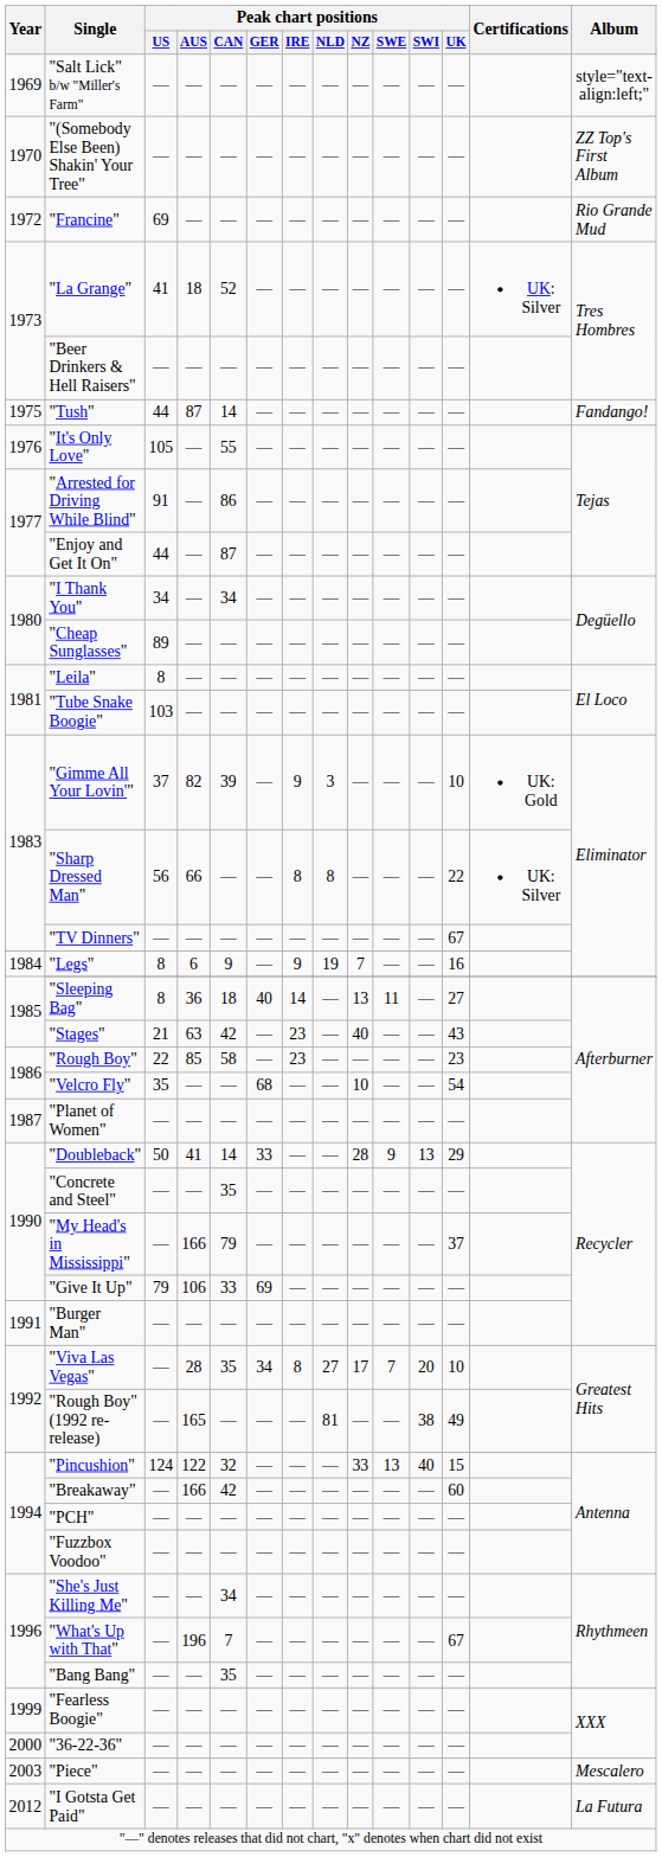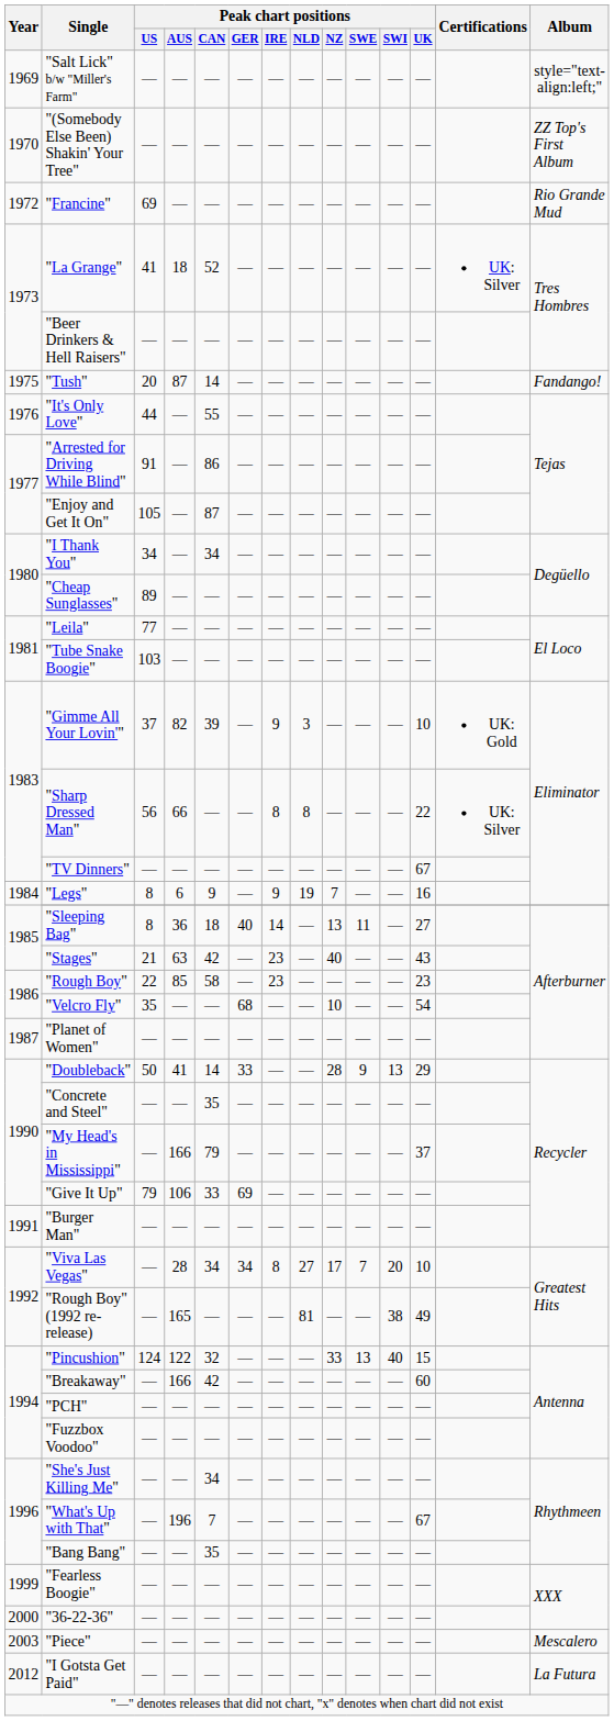 <table class="wikitable" style="text-align:center;">
 <tr>
 <th rowspan="2">Year</th>
 <th rowspan="2">Single</th>
 <th colspan="10">Peak chart positions</th>
 <th rowspan="2">Certifications</th>
 <th rowspan="2">Album</th>
 </tr>
 <tr style="font-size:smaller;">
 <th style="width:30px;"><a href='#'>US</a><br></th>
 <th style="width:30px;"><a href='#'>AUS</a><br></th>
 <th><a href='#'>CAN</a></th>
 <th style="width:30px;"><a href='#'>GER</a><br></th>
 <th style="width:30px;"><a href='#'>IRE</a><br></th>
 <th style="width:30px;"><a href='#'>NLD</a><br></th>
 <th style="width:30px;"><a href='#'>NZ</a><br></th>
 <th style="width:30px;"><a href='#'>SWE</a><br></th>
 <th style="width:30px;"><a href='#'>SWI</a><br></th>
 <th style="width:30px;"><a href='#'>UK</a><br></th>
 </tr>
 <tr>
 <td>1969</td>
 <td style="text-align:left;">"Salt Lick"<br><small>b/w "Miller's Farm"</small></td>
 <td>—</td>
 <td>—</td>
 <td>—</td>
 <td>—</td>
 <td>—</td>
 <td>—</td>
 <td>—</td>
 <td>—</td>
 <td>—</td>
 <td>—</td>
 <td></td>
 <td>style="text-align:left;" </td>
 </tr>
 <tr>
 <td>1970</td>
 <td style="text-align:left;">"(Somebody Else Been) Shakin' Your Tree"</td>
 <td>—</td>
 <td>—</td>
 <td>—</td>
 <td>—</td>
 <td>—</td>
 <td>—</td>
 <td>—</td>
 <td>—</td>
 <td>—</td>
 <td>—</td>
 <td></td>
 <td style="text-align:left;"><em>ZZ Top's First Album</em></td>
 </tr>
 <tr>
 <td>1972</td>
 <td style="text-align:left;">"<a href='#'>Francine</a>"</td>
 <td>69</td>
 <td>—</td>
 <td>—</td>
 <td>—</td>
 <td>—</td>
 <td>—</td>
 <td>—</td>
 <td>—</td>
 <td>—</td>
 <td>—</td>
 <td></td>
 <td style="text-align:left;"><em>Rio Grande Mud</em></td>
 </tr>
 <tr>
 <td rowspan="2">1973</td>
 <td style="text-align:left;">"<a href='#'>La Grange</a>"</td>
 <td>41</td>
 <td>18</td>
 <td>52</td>
 <td>—</td>
 <td>—</td>
 <td>—</td>
 <td>—</td>
 <td>—</td>
 <td>—</td>
 <td>—</td>
 <td><br><ul><li><a href='#'>UK</a>: Silver</li></ul></td>
 <td rowspan="2" style="text-align:left;"><em>Tres Hombres</em></td>
 </tr>
 <tr>
 <td style="text-align:left;">"Beer Drinkers & Hell Raisers"</td>
 <td>—</td>
 <td>—</td>
 <td>—</td>
 <td>—</td>
 <td>—</td>
 <td>—</td>
 <td>—</td>
 <td>—</td>
 <td>—</td>
 <td>—</td>
 <td></td>
 </tr>
 <tr>
 <td>1975</td>
 <td style="text-align:left;">"<a href='#'>Tush</a>"</td>
-<td>44</td>
+<td>20</td>
 <td>87</td>
 <td>14</td>
 <td>—</td>
 <td>—</td>
 <td>—</td>
 <td>—</td>
 <td>—</td>
 <td>—</td>
 <td>—</td>
 <td></td>
 <td style="text-align:left;"><em>Fandango!</em></td>
 </tr>
 <tr>
 <td>1976</td>
 <td style="text-align:left;">"<a href='#'>It's Only Love</a>"</td>
-<td>105</td>
+<td>44</td>
 <td>—</td>
 <td>55</td>
 <td>—</td>
 <td>—</td>
 <td>—</td>
 <td>—</td>
 <td>—</td>
 <td>—</td>
 <td>—</td>
 <td></td>
 <td rowspan="3" style="text-align:left;"><em>Tejas</em></td>
 </tr>
 <tr>
 <td rowspan="2">1977</td>
 <td style="text-align:left;">"<a href='#'>Arrested for Driving While Blind</a>"</td>
 <td>91</td>
 <td>—</td>
 <td>86</td>
 <td>—</td>
 <td>—</td>
 <td>—</td>
 <td>—</td>
 <td>—</td>
 <td>—</td>
 <td>—</td>
 <td></td>
 </tr>
 <tr>
 <td style="text-align:left;">"Enjoy and Get It On"</td>
-<td>44</td>
+<td>105</td>
 <td>—</td>
 <td>87</td>
 <td>—</td>
 <td>—</td>
 <td>—</td>
 <td>—</td>
 <td>—</td>
 <td>—</td>
 <td>—</td>
 <td></td>
 </tr>
 <tr>
 <td rowspan="2">1980</td>
 <td style="text-align:left;">"<a href='#'>I Thank You</a>"</td>
 <td>34</td>
 <td>—</td>
 <td>34</td>
 <td>—</td>
 <td>—</td>
 <td>—</td>
 <td>—</td>
 <td>—</td>
 <td>—</td>
 <td>—</td>
 <td></td>
 <td rowspan="2" style="text-align:left;"><em>Degüello</em></td>
 </tr>
 <tr>
 <td style="text-align:left;">"<a href='#'>Cheap Sunglasses</a>"</td>
 <td>89</td>
 <td>—</td>
 <td>—</td>
 <td>—</td>
 <td>—</td>
 <td>—</td>
 <td>—</td>
 <td>—</td>
 <td>—</td>
 <td>—</td>
 <td></td>
 </tr>
 <tr>
 <td rowspan="2">1981</td>
 <td style="text-align:left;">"<a href='#'>Leila</a>"</td>
-<td>8</td>
+<td>77</td>
 <td>—</td>
 <td>—</td>
 <td>—</td>
 <td>—</td>
 <td>—</td>
 <td>—</td>
 <td>—</td>
 <td>—</td>
 <td>—</td>
 <td></td>
 <td rowspan="2" style="text-align:left;"><em>El Loco</em></td>
 </tr>
 <tr>
 <td style="text-align:left;">"<a href='#'>Tube Snake Boogie</a>"</td>
 <td>103</td>
 <td>—</td>
 <td>—</td>
 <td>—</td>
 <td>—</td>
 <td>—</td>
 <td>—</td>
 <td>—</td>
 <td>—</td>
 <td>—</td>
 <td></td>
 </tr>
 <tr>
 <td rowspan="3">1983</td>
 <td style="text-align:left;">"<a href='#'>Gimme All Your Lovin'</a>"</td>
 <td>37</td>
 <td>82</td>
 <td>39</td>
 <td>—</td>
 <td>9</td>
 <td>3</td>
 <td>—</td>
 <td>—</td>
 <td>—</td>
 <td>10</td>
 <td><br><ul><li>UK: Gold</li></ul></td>
 <td rowspan="4" style="text-align:left;"><em>Eliminator</em></td>
 </tr>
 <tr>
 <td style="text-align:left;">"<a href='#'>Sharp Dressed Man</a>"</td>
 <td>56</td>
 <td>66</td>
 <td>—</td>
 <td>—</td>
 <td>8</td>
 <td>8</td>
 <td>—</td>
 <td>—</td>
 <td>—</td>
 <td>22</td>
 <td><br><ul><li>UK: Silver</li></ul></td>
 </tr>
 <tr>
 <td style="text-align:left;">"<a href='#'>TV Dinners</a>"</td>
 <td>—</td>
 <td>—</td>
 <td>—</td>
 <td>—</td>
 <td>—</td>
 <td>—</td>
 <td>—</td>
 <td>—</td>
 <td>—</td>
 <td>67</td>
 <td></td>
 </tr>
 <tr>
 <td>1984</td>
 <td style="text-align:left;">"<a href='#'>Legs</a>"</td>
 <td>8</td>
 <td>6</td>
 <td>9</td>
 <td>—</td>
 <td>9</td>
 <td>19</td>
 <td>7</td>
 <td>—</td>
 <td>—</td>
 <td>16</td>
 <td></td>
 </tr>
 <tr>
 <td rowspan="3">1985</td>
 </tr>
 <tr>
 <td style="text-align:left;">"<a href='#'>Sleeping Bag</a>"</td>
 <td>8</td>
 <td>36</td>
 <td>18</td>
 <td>40</td>
 <td>14</td>
 <td>—</td>
 <td>13</td>
 <td>11</td>
 <td>—</td>
 <td>27</td>
 <td></td>
 <td rowspan="5"style="text-align:left;"><em>Afterburner</em></td>
 </tr>
 <tr>
 <td style="text-align:left;">"<a href='#'>Stages</a>"</td>
 <td>21</td>
 <td>63</td>
 <td>42</td>
 <td>—</td>
 <td>23</td>
 <td>—</td>
 <td>40</td>
 <td>—</td>
 <td>—</td>
 <td>43</td>
 <td></td>
 </tr>
 <tr>
 <td rowspan="2">1986</td>
 <td style="text-align:left;">"<a href='#'>Rough Boy</a>"</td>
 <td>22</td>
 <td>85</td>
 <td>58</td>
 <td>—</td>
 <td>23</td>
 <td>—</td>
 <td>—</td>
 <td>—</td>
 <td>—</td>
 <td>23</td>
 <td></td>
 </tr>
 <tr>
 <td style="text-align:left;">"<a href='#'>Velcro Fly</a>"</td>
 <td>35</td>
 <td>—</td>
 <td>—</td>
 <td>68</td>
 <td>—</td>
 <td>—</td>
 <td>10</td>
 <td>—</td>
 <td>—</td>
 <td>54</td>
 <td></td>
 </tr>
 <tr>
 <td rowspan="1">1987</td>
 <td style="text-align:left;">"Planet of Women"</td>
 <td>—</td>
 <td>—</td>
 <td>—</td>
 <td>—</td>
 <td>—</td>
 <td>—</td>
 <td>—</td>
 <td>—</td>
 <td>—</td>
 <td>—</td>
 </tr>
 <tr>
 <td rowspan="4">1990</td>
 <td style="text-align:left;">"<a href='#'>Doubleback</a>"</td>
 <td>50</td>
 <td>41</td>
 <td>14</td>
 <td>33</td>
 <td>—</td>
 <td>—</td>
 <td>28</td>
 <td>9</td>
 <td>13</td>
 <td>29</td>
 <td></td>
 <td rowspan="5" style="text-align:left;"><em>Recycler</em></td>
 </tr>
 <tr>
 <td style="text-align:left;">"Concrete and Steel"</td>
 <td>—</td>
 <td>—</td>
 <td>35</td>
 <td>—</td>
 <td>—</td>
 <td>—</td>
 <td>—</td>
 <td>—</td>
 <td>—</td>
 <td>—</td>
 <td></td>
 </tr>
 <tr>
 <td style="text-align:left;">"<a href='#'>My Head's in Mississippi</a>"</td>
 <td>—</td>
 <td>166</td>
 <td>79</td>
 <td>—</td>
 <td>—</td>
 <td>—</td>
 <td>—</td>
 <td>—</td>
 <td>—</td>
 <td>37</td>
 <td></td>
 </tr>
 <tr>
 <td style="text-align:left;">"Give It Up"</td>
 <td>79</td>
 <td>106</td>
 <td>33</td>
 <td>69</td>
 <td>—</td>
 <td>—</td>
 <td>—</td>
 <td>—</td>
 <td>—</td>
 <td>—</td>
 <td></td>
 </tr>
 <tr>
 <td>1991</td>
 <td style="text-align:left;">"Burger Man"</td>
 <td>—</td>
 <td>—</td>
 <td>—</td>
 <td>—</td>
 <td>—</td>
 <td>—</td>
 <td>—</td>
 <td>—</td>
 <td>—</td>
 <td>—</td>
 <td></td>
 </tr>
 <tr>
 <td rowspan="2">1992</td>
 <td style="text-align:left;">"<a href='#'>Viva Las Vegas</a>"</td>
 <td>—</td>
 <td>28</td>
-<td>35</td>
+<td>34</td>
 <td>34</td>
 <td>8</td>
 <td>27</td>
 <td>17</td>
 <td>7</td>
 <td>20</td>
 <td>10</td>
 <td></td>
 <td rowspan="2" style="text-align:left;"><em>Greatest Hits</em></td>
 </tr>
 <tr>
 <td style="text-align:left;">"Rough Boy" (1992 re-release)</td>
 <td>—</td>
 <td>165</td>
 <td>—</td>
 <td>—</td>
 <td>—</td>
 <td>81</td>
 <td>—</td>
 <td>—</td>
 <td>38</td>
 <td>49</td>
 <td></td>
 </tr>
 <tr>
 <td rowspan="4">1994</td>
 <td style="text-align:left;">"<a href='#'>Pincushion</a>"</td>
 <td>124</td>
 <td>122</td>
 <td>32</td>
 <td>—</td>
 <td>—</td>
 <td>—</td>
 <td>33</td>
 <td>13</td>
 <td>40</td>
 <td>15</td>
 <td></td>
 <td rowspan="4" style="text-align:left;"><em>Antenna</em></td>
 </tr>
 <tr>
 <td style="text-align:left;">"Breakaway"</td>
 <td>—</td>
 <td>166</td>
 <td>42</td>
 <td>—</td>
 <td>—</td>
 <td>—</td>
 <td>—</td>
 <td>—</td>
 <td>—</td>
 <td>60</td>
 <td></td>
 </tr>
 <tr>
 <td style="text-align:left;">"PCH"</td>
 <td>—</td>
 <td>—</td>
 <td>—</td>
 <td>—</td>
 <td>—</td>
 <td>—</td>
 <td>—</td>
 <td>—</td>
 <td>—</td>
 <td>—</td>
 <td></td>
 </tr>
 <tr>
 <td style="text-align:left;">"Fuzzbox Voodoo"</td>
 <td>—</td>
 <td>—</td>
 <td>—</td>
 <td>—</td>
 <td>—</td>
 <td>—</td>
 <td>—</td>
 <td>—</td>
 <td>—</td>
 <td>—</td>
 <td></td>
 </tr>
 <tr>
 <td rowspan="3">1996</td>
 <td style="text-align:left;">"<a href='#'>She's Just Killing Me</a>"</td>
 <td>—</td>
 <td>—</td>
 <td>34</td>
 <td>—</td>
 <td>—</td>
 <td>—</td>
 <td>—</td>
 <td>—</td>
 <td>—</td>
 <td>—</td>
 <td></td>
 <td rowspan="3" style="text-align:left;"><em>Rhythmeen</em></td>
 </tr>
 <tr>
 <td style="text-align:left;">"<a href='#'>What's Up with That</a>"</td>
 <td>—</td>
 <td>196</td>
 <td>7</td>
 <td>—</td>
 <td>—</td>
 <td>—</td>
 <td>—</td>
 <td>—</td>
 <td>—</td>
 <td>67</td>
 <td></td>
 </tr>
 <tr>
 <td style="text-align:left;">"Bang Bang"</td>
 <td>—</td>
 <td>—</td>
 <td>35</td>
 <td>—</td>
 <td>—</td>
 <td>—</td>
 <td>—</td>
 <td>—</td>
 <td>—</td>
 <td>—</td>
 <td></td>
 </tr>
 <tr>
 <td>1999</td>
 <td style="text-align:left;">"Fearless Boogie"</td>
 <td>—</td>
 <td>—</td>
 <td>—</td>
 <td>—</td>
 <td>—</td>
 <td>—</td>
 <td>—</td>
 <td>—</td>
 <td>—</td>
 <td>—</td>
 <td></td>
 <td rowspan="2" style="text-align:left;"><em>XXX</em></td>
 </tr>
 <tr>
 <td>2000</td>
 <td style="text-align:left;">"36-22-36"</td>
 <td>—</td>
 <td>—</td>
 <td>—</td>
 <td>—</td>
 <td>—</td>
 <td>—</td>
 <td>—</td>
 <td>—</td>
 <td>—</td>
 <td>—</td>
 <td></td>
 </tr>
 <tr>
 <td>2003</td>
 <td style="text-align:left;">"Piece"</td>
 <td>—</td>
 <td>—</td>
 <td>—</td>
 <td>—</td>
 <td>—</td>
 <td>—</td>
 <td>—</td>
 <td>—</td>
 <td>—</td>
 <td>—</td>
 <td></td>
 <td style="text-align:left;"><em>Mescalero</em></td>
 </tr>
 <tr>
 <td>2012</td>
 <td style="text-align:left;">"I Gotsta Get Paid"</td>
 <td>—</td>
 <td>—</td>
 <td>—</td>
 <td>—</td>
 <td>—</td>
 <td>—</td>
 <td>—</td>
 <td>—</td>
 <td>—</td>
 <td>—</td>
 <td></td>
 <td style="text-align:left;"><em>La Futura</em></td>
 </tr>
 <tr>
 <td colspan="17" style="text-align:center; font-size:85%;">"—" denotes releases that did not chart, "x" denotes when chart did not exist</td>
 </tr>
 </table>
